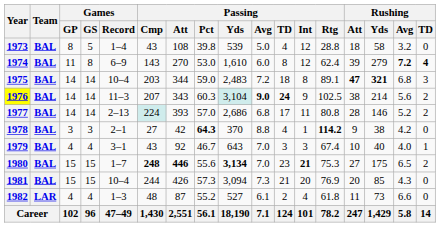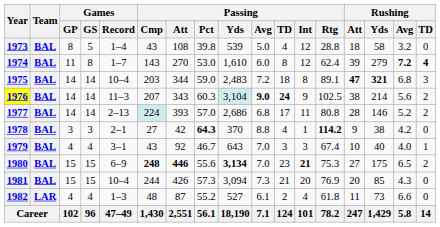 <table class=wikitable style="text-align:center;">
 <tr>
 <th rowspan="2">Year</th>
 <th rowspan="2">Team</th>
 <th colspan="3">Games</th>
 <th colspan="8">Passing</th>
 <th colspan="4">Rushing</th>
 </tr>
 <tr>
 <th>GP</th>
 <th>GS</th>
 <th>Record</th>
 <th>Cmp</th>
 <th>Att</th>
 <th>Pct</th>
 <th>Yds</th>
 <th>Avg</th>
 <th>TD</th>
 <th>Int</th>
 <th>Rtg</th>
 <th>Att</th>
 <th>Yds</th>
 <th>Avg</th>
 <th>TD</th>
 </tr>
 <tr>
 <th><a href='#'>1973</a></th>
 <th><a href='#'>BAL</a></th>
 <td>8</td>
 <td>5</td>
 <td>1–4</td>
 <td>43</td>
 <td>108</td>
 <td>39.8</td>
 <td>539</td>
 <td>5.0</td>
 <td>4</td>
 <td>12</td>
 <td>28.8</td>
 <td>18</td>
 <td>58</td>
 <td>3.2</td>
 <td>0</td>
 </tr>
 <tr>
 <th><a href='#'>1974</a></th>
 <th><a href='#'>BAL</a></th>
 <td>11</td>
 <td>8</td>
-<td>6–9</td>
+<td>1–7</td>
 <td>143</td>
 <td>270</td>
 <td>53.0</td>
 <td>1,610</td>
 <td>6.0</td>
 <td>8</td>
 <td>12</td>
 <td>62.4</td>
 <td>39</td>
 <td>279</td>
 <td><strong>7.2</strong></td>
 <td><strong>4</strong></td>
 </tr>
 <tr>
 <th><a href='#'>1975</a></th>
 <th><a href='#'>BAL</a></th>
 <td>14</td>
 <td>14</td>
 <td>10–4</td>
 <td>203</td>
 <td>344</td>
 <td>59.0</td>
 <td>2,483</td>
 <td>7.2</td>
 <td>18</td>
 <td>8</td>
 <td>89.1</td>
 <td><strong>47</strong></td>
 <td><strong>321</strong></td>
 <td>6.8</td>
 <td>3</td>
 </tr>
 <tr>
 <th style="background:#ffff00"><a href='#'>1976</a></th>
 <th><a href='#'>BAL</a></th>
 <td>14</td>
 <td>14</td>
 <td>11–3</td>
 <td>207</td>
 <td>343</td>
 <td>60.3</td>
 <td style="background:#cfecec;">3,104</td>
 <td><strong>9.0</strong></td>
 <td><strong>24</strong></td>
 <td>9</td>
 <td>102.5</td>
 <td>38</td>
 <td>214</td>
 <td>5.6</td>
 <td>2</td>
 </tr>
 <tr>
 <th><a href='#'>1977</a></th>
 <th><a href='#'>BAL</a></th>
 <td>14</td>
 <td>14</td>
 <td>2–13</td>
 <td style="background:#cfecec;">224</td>
 <td>393</td>
 <td>57.0</td>
 <td>2,686</td>
 <td>6.8</td>
 <td>17</td>
 <td>11</td>
 <td>80.8</td>
 <td>28</td>
 <td>146</td>
 <td>5.2</td>
 <td>2</td>
 </tr>
 <tr>
 <th><a href='#'>1978</a></th>
 <th><a href='#'>BAL</a></th>
 <td>3</td>
 <td>3</td>
 <td>2–1</td>
 <td>27</td>
 <td>42</td>
 <td><strong>64.3</strong></td>
 <td>370</td>
 <td>8.8</td>
 <td>4</td>
 <td>1</td>
 <td><strong>114.2</strong></td>
 <td>9</td>
 <td>38</td>
 <td>4.2</td>
 <td>0</td>
 </tr>
 <tr>
 <th><a href='#'>1979</a></th>
 <th><a href='#'>BAL</a></th>
 <td>4</td>
 <td>4</td>
 <td>3–1</td>
 <td>43</td>
 <td>92</td>
 <td>46.7</td>
 <td>643</td>
 <td>7.0</td>
 <td>3</td>
 <td>3</td>
 <td>67.4</td>
 <td>10</td>
 <td>40</td>
 <td>4.0</td>
 <td>1</td>
 </tr>
 <tr>
 <th><a href='#'>1980</a></th>
 <th><a href='#'>BAL</a></th>
 <td>15</td>
 <td>15</td>
-<td>1–7</td>
+<td>6–9</td>
 <td><strong>248</strong></td>
 <td><strong>446</strong></td>
 <td>55.6</td>
 <td><strong>3,134</strong></td>
 <td>7.0</td>
 <td>23</td>
 <td><strong>21</strong></td>
 <td>75.3</td>
 <td>27</td>
 <td>175</td>
 <td>6.5</td>
 <td>2</td>
 </tr>
 <tr>
 <th><a href='#'>1981</a></th>
 <th><a href='#'>BAL</a></th>
 <td>15</td>
 <td>15</td>
 <td>10–4</td>
 <td>244</td>
 <td>426</td>
 <td>57.3</td>
 <td>3,094</td>
 <td>7.3</td>
 <td>21</td>
 <td>20</td>
 <td>76.9</td>
 <td>20</td>
 <td>85</td>
 <td>4.3</td>
 <td>0</td>
 </tr>
 <tr>
 <th><a href='#'>1982</a></th>
 <th><a href='#'>LAR</a></th>
 <td>4</td>
 <td>4</td>
 <td>1–3</td>
 <td>48</td>
 <td>87</td>
 <td>55.2</td>
 <td>527</td>
 <td>6.1</td>
 <td>2</td>
 <td>4</td>
 <td>61.8</td>
 <td>11</td>
 <td>73</td>
 <td>6.6</td>
 <td>0</td>
 </tr>
 <tr>
 <th colspan="2">Career</th>
 <th>102</th>
 <th>96</th>
 <th>47–49</th>
 <th>1,430</th>
 <th>2,551</th>
 <th>56.1</th>
 <th>18,190</th>
 <th>7.1</th>
 <th>124</th>
 <th>101</th>
 <th>78.2</th>
 <th>247</th>
 <th>1,429</th>
 <th>5.8</th>
 <th>14</th>
 </tr>
 </table>
